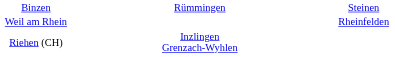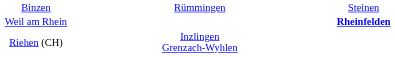 <table border="0" style="width:60%; margin:auto;">
 <tr>
 <td style="width:33%; text-align:center;"><a href='#'>Binzen</a></td>
 <td style="width:33%; text-align:center;"><a href='#'>Rümmingen</a></td>
 <td style="width:33%; text-align:center;"><a href='#'>Steinen</a></td>
 </tr>
 <tr>
 <td style="width:33%; text-align:center;"><a href='#'>Weil am Rhein</a></td>
 <td style="width:33%; text-align:center;"></td>
-<td style="width:33%; text-align:center;"><a href='#'>Rheinfelden</a></td>
+<td style="width:33%; text-align:center;"><strong><a href='#'>Rheinfelden</a></strong></td>
 </tr>
 <tr style="text-align:center;">
 <td style="width:33%; "><a href='#'>Riehen</a> (CH)</td>
 <td style="width:33%; "><a href='#'>Inzlingen</a> <br> <a href='#'>Grenzach-Wyhlen</a></td>
 </tr>
 </table>
